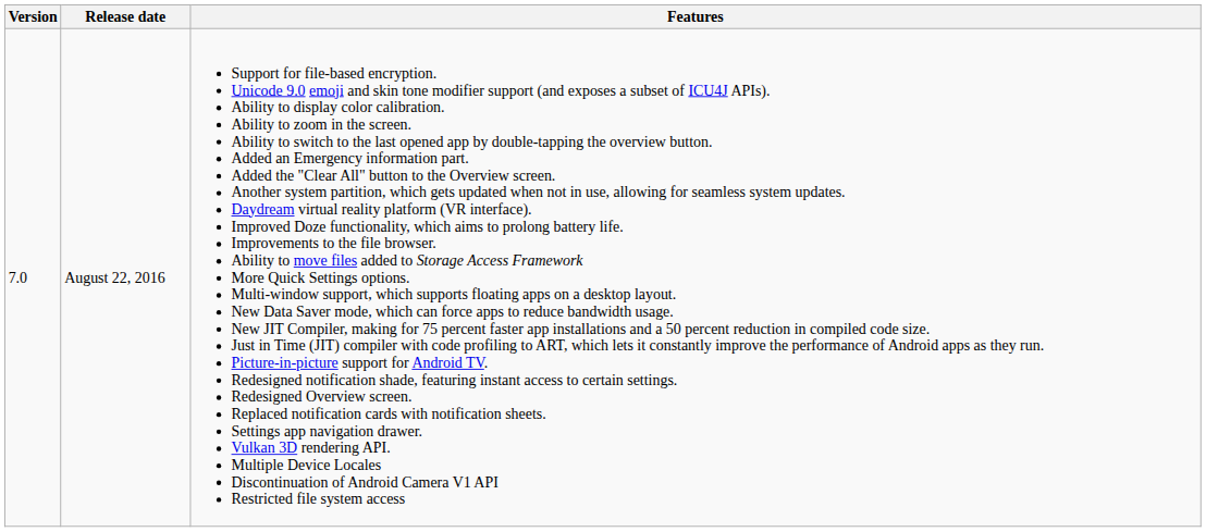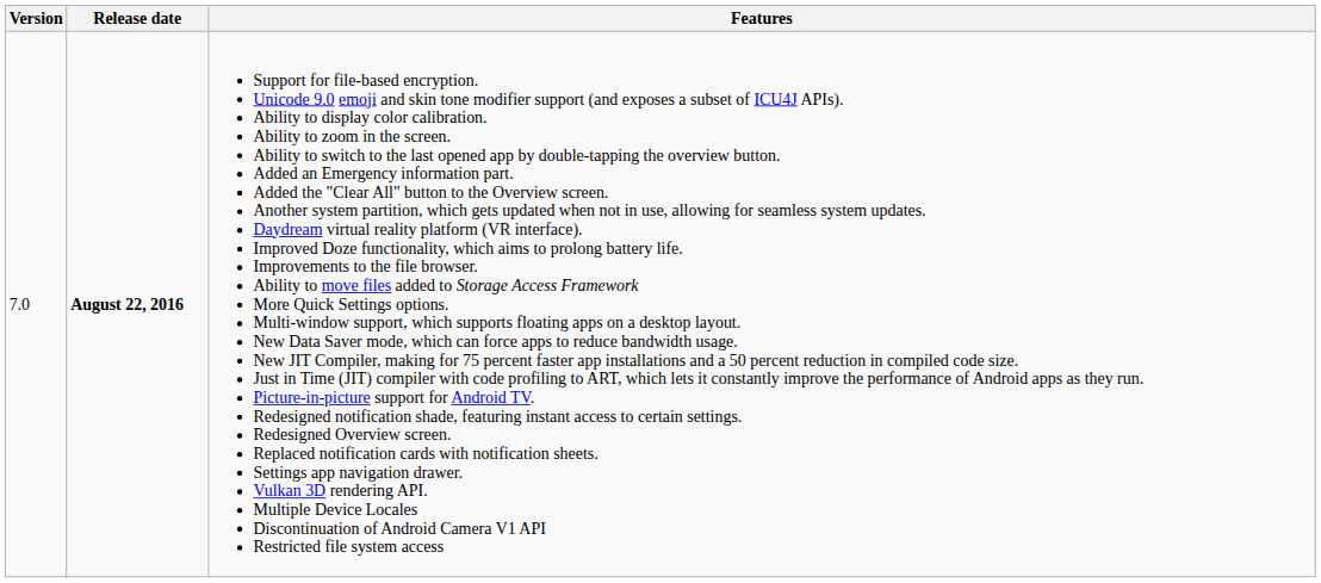 <table class="wikitable" style="width:100%;">
 <tr>
 <th style="width:2%;">Version</th>
 <th style="width:11%;">Release date</th>
 <th style="width:87%;">Features</th>
 </tr>
 <tr>
 <td>7.0</td>
-<td>August 22, 2016</td>
+<td><strong>August 22, 2016</strong></td>
 <td><br><ul><li>Support for file-based encryption.</li><li><a href='#'>Unicode 9.0</a> <a href='#'>emoji</a> and skin tone modifier support (and exposes a subset of <a href='#'>ICU4J</a> APIs).</li><li>Ability to display color calibration.</li><li>Ability to zoom in the screen.</li><li>Ability to switch to the last opened app by double-tapping the overview button.</li><li>Added an Emergency information part.</li><li>Added the "Clear All" button to the Overview screen.</li><li>Another system partition, which gets updated when not in use, allowing for seamless system updates.</li><li><a href='#'>Daydream</a> virtual reality platform (VR interface).</li><li>Improved Doze functionality, which aims to prolong battery life.</li><li>Improvements to the file browser.</li><li>Ability to <a href='#'>move files</a> added to <em>Storage Access Framework</em></li><li>More Quick Settings options.</li><li>Multi-window support, which supports floating apps on a desktop layout.</li><li>New Data Saver mode, which can force apps to reduce bandwidth usage.</li><li>New JIT Compiler, making for 75 percent faster app installations and a 50 percent reduction in compiled code size.</li><li>Just in Time (JIT) compiler with code profiling to ART, which lets it constantly improve the performance of Android apps as they run.</li><li><a href='#'>Picture-in-picture</a> support for <a href='#'>Android TV</a>.</li><li>Redesigned notification shade, featuring instant access to certain settings.</li><li>Redesigned Overview screen.</li><li>Replaced notification cards with notification sheets.</li><li>Settings app navigation drawer.</li><li><a href='#'>Vulkan 3D</a> rendering API.</li><li>Multiple Device Locales</li><li>Discontinuation of Android Camera V1 API</li><li>Restricted file system access</li></ul></td>
 </tr>
 </table>
